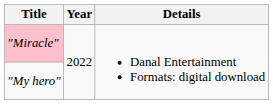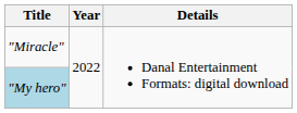 <table class="wikitable">
 <tr>
 <th><strong>Title</strong></th>
 <th><strong>Year</strong></th>
 <th><strong>Details</strong></th>
 </tr>
 <tr>
-<td style="background: pink;"><em>"Miracle"</em></td>
+<td><em>"Miracle"</em></td>
 <td rowspan="2">2022</td>
 <td rowspan="2"><br><ul><li>Danal Entertainment</li><li>Formats: digital download</li></ul></td>
 </tr>
 <tr>
-<td><em>"My hero"</em></td>
+<td style="background: lightblue;"><em>"My hero"</em></td>
 </tr>
 </table>
